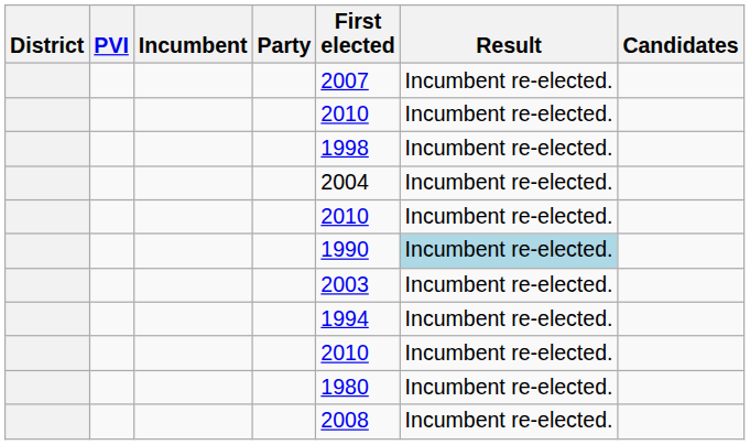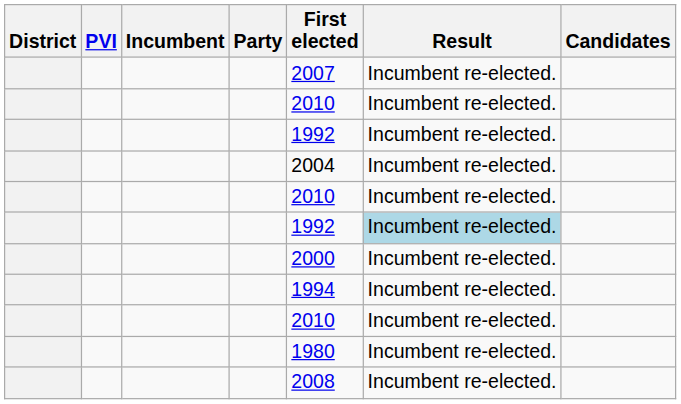 <table class="wikitable sortable">
 <tr valign=bottom>
 <th>District</th>
 <th><a href='#'>PVI</a></th>
 <th>Incumbent</th>
 <th>Party</th>
 <th>First<br>elected</th>
 <th>Result</th>
 <th>Candidates</th>
 </tr>
 <tr>
 <th></th>
 <td></td>
 <td></td>
 <td></td>
 <td><a href='#'>2007 </a></td>
 <td>Incumbent re-elected.</td>
 <td nowrap></td>
 </tr>
 <tr>
 <th></th>
 <td></td>
 <td></td>
 <td></td>
 <td><a href='#'>2010</a></td>
 <td>Incumbent re-elected.</td>
 <td nowrap></td>
 </tr>
 <tr>
 <th></th>
 <td></td>
 <td></td>
 <td></td>
-<td><a href='#'>1998</a></td>
+<td><a href='#'>1992</a></td>
 <td>Incumbent re-elected.</td>
 <td nowrap></td>
 </tr>
 <tr>
 <th></th>
 <td></td>
 <td></td>
 <td></td>
 <td>2004</td>
 <td>Incumbent re-elected.</td>
 <td nowrap></td>
 </tr>
 <tr>
 <th></th>
 <td></td>
 <td></td>
 <td></td>
 <td><a href='#'>2010</a></td>
 <td>Incumbent re-elected.</td>
 <td nowrap></td>
 </tr>
 <tr>
 <th></th>
 <td></td>
 <td></td>
 <td></td>
-<td><a href='#'>1990</a></td>
+<td><a href='#'>1992</a></td>
 <td style="background: lightblue;">Incumbent re-elected.</td>
 <td nowrap></td>
 </tr>
 <tr>
 <th></th>
 <td></td>
 <td></td>
 <td></td>
-<td><a href='#'>2003</a></td>
+<td><a href='#'>2000</a></td>
 <td>Incumbent re-elected.</td>
 <td nowrap></td>
 </tr>
 <tr>
 <th></th>
 <td></td>
 <td></td>
 <td></td>
 <td><a href='#'>1994</a></td>
 <td>Incumbent re-elected.</td>
 <td nowrap></td>
 </tr>
 <tr>
 <th></th>
 <td></td>
 <td></td>
 <td></td>
 <td><a href='#'>2010</a></td>
 <td>Incumbent re-elected.</td>
 <td nowrap></td>
 </tr>
 <tr>
 <th></th>
 <td></td>
 <td></td>
 <td></td>
 <td><a href='#'>1980</a></td>
 <td>Incumbent re-elected.</td>
 <td nowrap></td>
 </tr>
 <tr>
 <th></th>
 <td></td>
 <td></td>
 <td></td>
 <td><a href='#'>2008</a></td>
 <td>Incumbent re-elected.</td>
 <td nowrap></td>
 </tr>
 </table>
